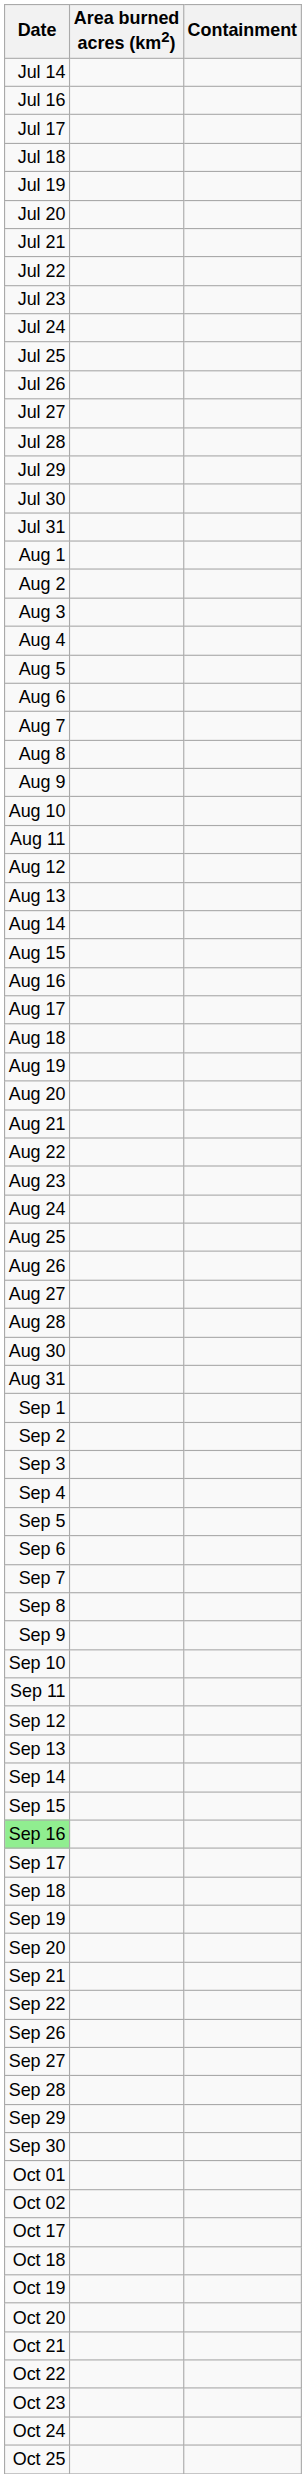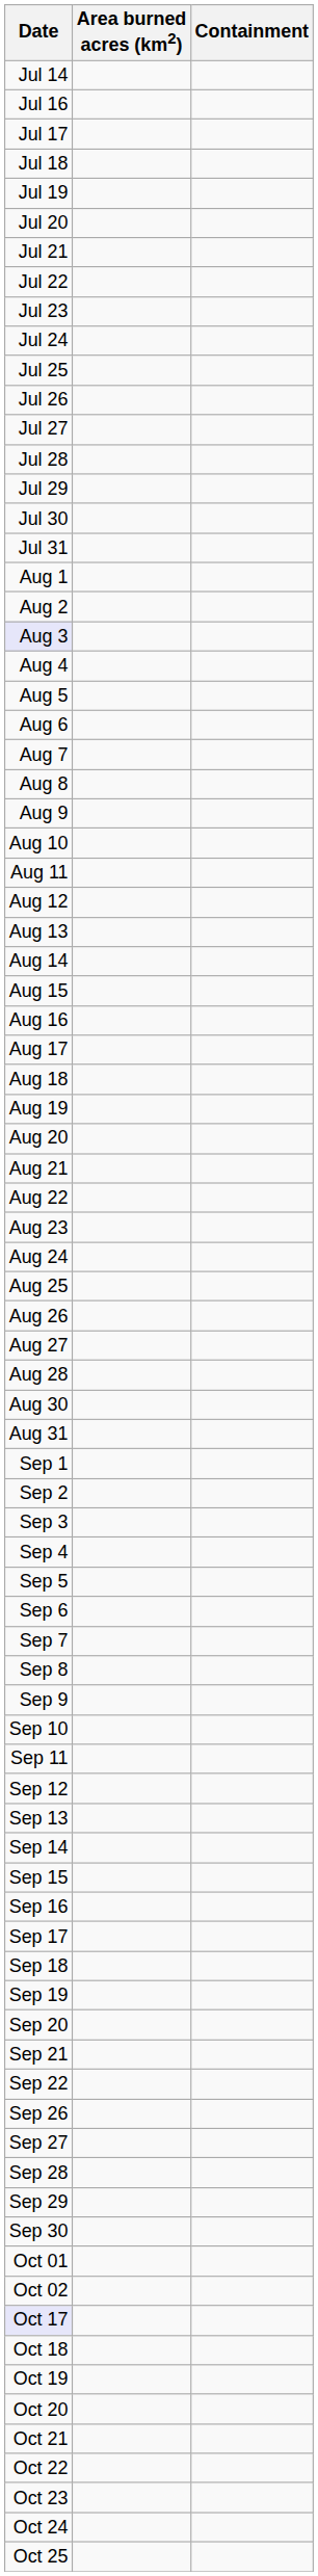 <table class="wikitable" style="text-align: right;">
 <tr>
 <th>Date</th>
 <th>Area burned<br>acres (km<sup>2</sup>)</th>
 <th>Containment</th>
 </tr>
 <tr>
 <td>Jul 14</td>
 <td></td>
 <td style="text-align: left;"></td>
 </tr>
 <tr>
 <td>Jul 16</td>
 <td></td>
 <td style="text-align: left;"></td>
 </tr>
 <tr>
 <td>Jul 17</td>
 <td></td>
 <td style="text-align: left;"></td>
 </tr>
 <tr>
 <td>Jul 18</td>
 <td></td>
 <td style="text-align: left;"></td>
 </tr>
 <tr>
 <td>Jul 19</td>
 <td></td>
 <td style="text-align: left;"></td>
 </tr>
 <tr>
 <td>Jul 20</td>
 <td></td>
 <td style="text-align: left;"></td>
 </tr>
 <tr>
 <td>Jul 21</td>
 <td></td>
 <td style="text-align: left;"></td>
 </tr>
 <tr>
 <td>Jul 22</td>
 <td></td>
 <td style="text-align: left;"></td>
 </tr>
 <tr>
 <td>Jul 23</td>
 <td></td>
 <td style="text-align: left;"></td>
 </tr>
 <tr>
 <td>Jul 24</td>
 <td></td>
 <td style="text-align: left;"></td>
 </tr>
 <tr>
 <td>Jul 25</td>
 <td></td>
 <td style="text-align: left;"></td>
 </tr>
 <tr>
 <td>Jul 26</td>
 <td></td>
 <td style="text-align: left;"></td>
 </tr>
 <tr>
 <td>Jul 27</td>
 <td></td>
 <td style="text-align: left;"></td>
 </tr>
 <tr>
 <td>Jul 28</td>
 <td></td>
 <td style="text-align: left;"></td>
 </tr>
 <tr>
 <td>Jul 29</td>
 <td></td>
 <td style="text-align: left;"></td>
 </tr>
 <tr>
 <td>Jul 30</td>
 <td></td>
 <td style="text-align: left;"></td>
 </tr>
 <tr>
 <td>Jul 31</td>
 <td></td>
 <td style="text-align: left;"></td>
 </tr>
 <tr>
 <td>Aug 1</td>
 <td></td>
 <td style="text-align: left;"></td>
 </tr>
 <tr>
 <td>Aug 2</td>
 <td></td>
 <td style="text-align: left;"></td>
 </tr>
 <tr>
-<td>Aug 3</td>
+<td style="background: lavender;">Aug 3</td>
 <td></td>
 <td style="text-align: left;"></td>
 </tr>
 <tr>
 <td>Aug 4</td>
 <td></td>
 <td style="text-align: left;"></td>
 </tr>
 <tr>
 <td>Aug 5</td>
 <td></td>
 <td style="text-align: left;"></td>
 </tr>
 <tr>
 <td>Aug 6</td>
 <td></td>
 <td style="text-align: left;"></td>
 </tr>
 <tr>
 <td>Aug 7</td>
 <td></td>
 <td style="text-align: left;"></td>
 </tr>
 <tr>
 <td>Aug 8</td>
 <td></td>
 <td style="text-align: left;"></td>
 </tr>
 <tr>
 <td>Aug 9</td>
 <td></td>
 <td style="text-align: left;"></td>
 </tr>
 <tr>
 <td>Aug 10</td>
 <td></td>
 <td style="text-align: left;"></td>
 </tr>
 <tr>
 <td>Aug 11</td>
 <td></td>
 <td style="text-align: left;"></td>
 </tr>
 <tr>
 <td>Aug 12</td>
 <td></td>
 <td style="text-align: left;"></td>
 </tr>
 <tr>
 <td>Aug 13</td>
 <td></td>
 <td style="text-align: left;"></td>
 </tr>
 <tr>
 <td>Aug 14</td>
 <td></td>
 <td style="text-align: left;"></td>
 </tr>
 <tr>
 <td>Aug 15</td>
 <td></td>
 <td style="text-align: left;"></td>
 </tr>
 <tr>
 <td>Aug 16</td>
 <td></td>
 <td style="text-align: left;"></td>
 </tr>
 <tr>
 <td>Aug 17</td>
 <td></td>
 <td style="text-align: left;"></td>
 </tr>
 <tr>
 <td>Aug 18</td>
 <td></td>
 <td style="text-align: left;"></td>
 </tr>
 <tr>
 <td>Aug 19</td>
 <td></td>
 <td style="text-align: left;"></td>
 </tr>
 <tr>
 <td>Aug 20</td>
 <td></td>
 <td style="text-align: left;"></td>
 </tr>
 <tr>
 <td>Aug 21</td>
 <td></td>
 <td style="text-align: left;"></td>
 </tr>
 <tr>
 <td>Aug 22</td>
 <td></td>
 <td style="text-align: left;"></td>
 </tr>
 <tr>
 <td>Aug 23</td>
 <td></td>
 <td style="text-align: left;"></td>
 </tr>
 <tr>
 <td>Aug 24</td>
 <td></td>
 <td style="text-align: left;"></td>
 </tr>
 <tr>
 <td>Aug 25</td>
 <td></td>
 <td style="text-align: left;"></td>
 </tr>
 <tr>
 <td>Aug 26</td>
 <td></td>
 <td style="text-align: left;"></td>
 </tr>
 <tr>
 <td>Aug 27</td>
 <td></td>
 <td style="text-align: left;"></td>
 </tr>
 <tr>
 <td>Aug 28</td>
 <td></td>
 <td style="text-align: left;"></td>
 </tr>
 <tr>
 <td>Aug 30</td>
 <td></td>
 <td style="text-align: left;"></td>
 </tr>
 <tr>
 <td>Aug 31</td>
 <td></td>
 <td style="text-align: left;"></td>
 </tr>
 <tr>
 <td>Sep 1</td>
 <td></td>
 <td style="text-align: left;"></td>
 </tr>
 <tr>
 <td>Sep 2</td>
 <td></td>
 <td style="text-align: left;"></td>
 </tr>
 <tr>
 <td>Sep 3</td>
 <td></td>
 <td style="text-align: left;"></td>
 </tr>
 <tr>
 <td>Sep 4</td>
 <td></td>
 <td style="text-align: left;"></td>
 </tr>
 <tr>
 <td>Sep 5</td>
 <td></td>
 <td style="text-align: left;"></td>
 </tr>
 <tr>
 <td>Sep 6</td>
 <td></td>
 <td style="text-align: left;"></td>
 </tr>
 <tr>
 <td>Sep 7</td>
 <td></td>
 <td style="text-align: left;"></td>
 </tr>
 <tr>
 <td>Sep 8</td>
 <td></td>
 <td style="text-align: left;"></td>
 </tr>
 <tr>
 <td>Sep 9</td>
 <td></td>
 <td style="text-align: left;"></td>
 </tr>
 <tr>
 <td>Sep 10</td>
 <td></td>
 <td style="text-align: left;"></td>
 </tr>
 <tr>
 <td>Sep 11</td>
 <td></td>
 <td style="text-align: left;"></td>
 </tr>
 <tr>
 <td>Sep 12</td>
 <td></td>
 <td style="text-align: left;"></td>
 </tr>
 <tr>
 <td>Sep 13</td>
 <td></td>
 <td style="text-align: left;"></td>
 </tr>
 <tr>
 <td>Sep 14</td>
 <td></td>
 <td style="text-align: left;"></td>
 </tr>
 <tr>
 <td>Sep 15</td>
 <td></td>
 <td style="text-align: left;"></td>
 </tr>
 <tr>
-<td style="background: lightgreen;">Sep 16</td>
+<td>Sep 16</td>
 <td></td>
 <td style="text-align: left;"></td>
 </tr>
 <tr>
 <td>Sep 17</td>
 <td></td>
 <td style="text-align: left;"></td>
 </tr>
 <tr>
 <td>Sep 18</td>
 <td></td>
 <td style="text-align: left;"></td>
 </tr>
 <tr>
 <td>Sep 19</td>
 <td></td>
 <td style="text-align: left;"></td>
 </tr>
 <tr>
 <td>Sep 20</td>
 <td></td>
 <td style="text-align: left;"></td>
 </tr>
 <tr>
 <td>Sep 21</td>
 <td></td>
 <td style="text-align: left;"></td>
 </tr>
 <tr>
 <td>Sep 22</td>
 <td></td>
 <td style="text-align: left;"></td>
 </tr>
 <tr>
 <td>Sep 26</td>
 <td></td>
 <td style="text-align: left;"></td>
 </tr>
 <tr>
 <td>Sep 27</td>
 <td></td>
 <td style="text-align: left;"></td>
 </tr>
 <tr>
 <td>Sep 28</td>
 <td></td>
 <td style="text-align: left;"></td>
 </tr>
 <tr>
 <td>Sep 29</td>
 <td></td>
 <td style="text-align: left;"></td>
 </tr>
 <tr>
 <td>Sep 30</td>
 <td></td>
 <td style="text-align: left;"></td>
 </tr>
 <tr>
 <td>Oct 01</td>
 <td></td>
 <td style="text-align: left;"></td>
 </tr>
 <tr>
 <td>Oct 02</td>
 <td></td>
 <td style="text-align: left;"></td>
 </tr>
 <tr>
-<td>Oct 17</td>
+<td style="background: lavender;">Oct 17</td>
 <td></td>
 <td style="text-align: left;"></td>
 </tr>
 <tr>
 <td>Oct 18</td>
 <td></td>
 <td style="text-align: left;"></td>
 </tr>
 <tr>
 <td>Oct 19</td>
 <td></td>
 <td style="text-align: left;"></td>
 </tr>
 <tr>
 <td>Oct 20</td>
 <td></td>
 <td style="text-align: left;"></td>
 </tr>
 <tr>
 <td>Oct 21</td>
 <td></td>
 <td style="text-align: left;"></td>
 </tr>
 <tr>
 <td>Oct 22</td>
 <td></td>
 <td style="text-align: left;"></td>
 </tr>
 <tr>
 <td>Oct 23</td>
 <td></td>
 <td style="text-align: left;"></td>
 </tr>
 <tr>
 <td>Oct 24</td>
 <td></td>
 <td style="text-align: left;"></td>
 </tr>
 <tr>
 <td>Oct 25</td>
 <td></td>
 <td style="text-align: left;"></td>
 </tr>
 <tr>
 </tr>
 </table>
